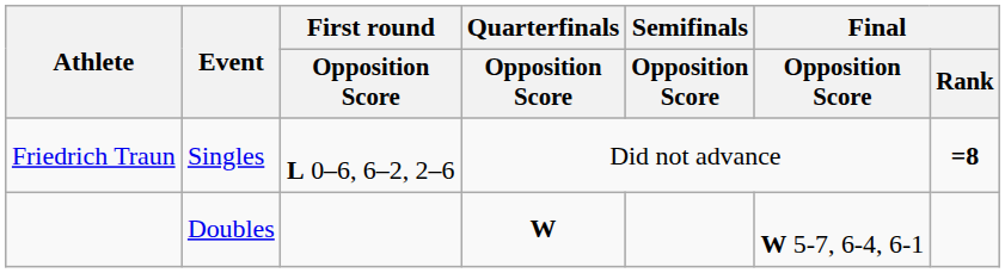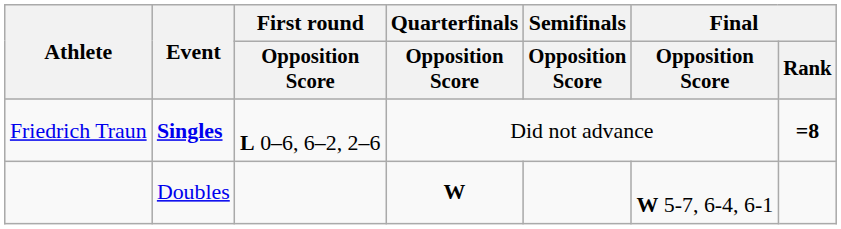 <table class=wikitable style=font-size:90%;text-align:center>
 <tr>
 <th rowspan=2>Athlete</th>
 <th rowspan=2>Event</th>
 <th>First round</th>
 <th>Quarterfinals</th>
 <th>Semifinals</th>
 <th colspan=2>Final</th>
 </tr>
 <tr style=font-size:95%>
 <th>Opposition<br>Score</th>
 <th>Opposition<br>Score</th>
 <th>Opposition<br>Score</th>
 <th>Opposition<br>Score</th>
 <th>Rank</th>
 </tr>
 <tr>
 <td align=left><a href='#'>Friedrich Traun</a></td>
-<td align=left><a href='#'>Singles</a></td>
+<td align=left><strong><a href='#'>Singles</a></strong></td>
 <td><br><strong>L</strong> 0–6, 6–2, 2–6</td>
 <td colspan=3>Did not advance</td>
 <td><strong>=8</strong></td>
 </tr>
 <tr>
 <td align=left><br></td>
 <td align=left><a href='#'>Doubles</a></td>
 <td></td>
 <td> <strong>W</strong></td>
 <td></td>
 <td><br> <strong>W</strong> 5-7, 6-4, 6-1</td>
 <td></td>
 </tr>
 </table>
